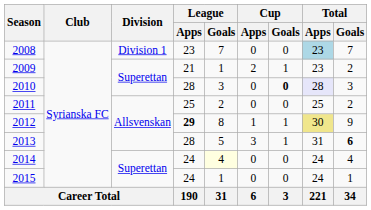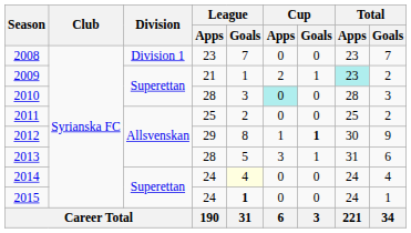 <table class="wikitable" style="text-align: center;">
 <tr>
 <th rowspan="2">Season</th>
 <th rowspan="2">Club</th>
 <th rowspan="2">Division</th>
 <th colspan="2">League</th>
 <th colspan="2">Cup</th>
 <th colspan="2">Total</th>
 </tr>
 <tr>
 <th>Apps</th>
 <th>Goals</th>
 <th>Apps</th>
 <th>Goals</th>
 <th>Apps</th>
 <th>Goals</th>
 </tr>
 <tr>
 <td><a href='#'>2008</a></td>
 <td rowspan="8" valign="center"><a href='#'>Syrianska FC</a></td>
 <td><a href='#'>Division 1</a></td>
 <td>23</td>
 <td>7</td>
 <td>0</td>
 <td>0</td>
-<td style="background: lightblue;">23</td>
+<td>23</td>
 <td>7</td>
 </tr>
 <tr>
 <td><a href='#'>2009</a></td>
 <td rowspan="2" valign="center"><a href='#'>Superettan</a></td>
 <td>21</td>
 <td>1</td>
 <td>2</td>
 <td>1</td>
-<td>23</td>
+<td style="background: paleturquoise;">23</td>
 <td>2</td>
 </tr>
 <tr>
 <td><a href='#'>2010</a></td>
 <td>28</td>
 <td>3</td>
+<td style="background: paleturquoise;">0</td>
 <td>0</td>
-<td><strong>0</strong></td>
-<td style="background: lavender;">28</td>
+<td>28</td>
 <td>3</td>
 </tr>
 <tr>
 <td><a href='#'>2011</a></td>
 <td rowspan="3" valign="center"><a href='#'>Allsvenskan</a></td>
 <td>25</td>
 <td>2</td>
 <td>0</td>
 <td>0</td>
 <td>25</td>
 <td>2</td>
 </tr>
 <tr>
 <td><a href='#'>2012</a></td>
-<td><strong>29</strong></td>
+<td>29</td>
 <td>8</td>
 <td>1</td>
-<td>1</td>
-<td style="background: khaki;">30</td>
+<td><strong>1</strong></td>
+<td>30</td>
 <td>9</td>
 </tr>
 <tr>
 <td><a href='#'>2013</a></td>
 <td>28</td>
 <td>5</td>
 <td>3</td>
 <td>1</td>
 <td>31</td>
-<td><strong>6</strong></td>
+<td>6</td>
 </tr>
 <tr>
 <td><a href='#'>2014</a></td>
 <td rowspan="2" valign="center"><a href='#'>Superettan</a></td>
 <td>24</td>
 <td style="background: lightyellow;">4</td>
 <td>0</td>
 <td>0</td>
 <td>24</td>
 <td>4</td>
 </tr>
 <tr>
 <td><a href='#'>2015</a></td>
 <td>24</td>
-<td>1</td>
+<td><strong>1</strong></td>
 <td>0</td>
 <td>0</td>
 <td>24</td>
 <td>1</td>
 </tr>
 <tr>
 <th colspan="3">Career Total</th>
 <th>190</th>
 <th>31</th>
 <th>6</th>
 <th>3</th>
 <th>221</th>
 <th>34</th>
 </tr>
 </table>
